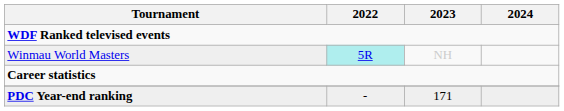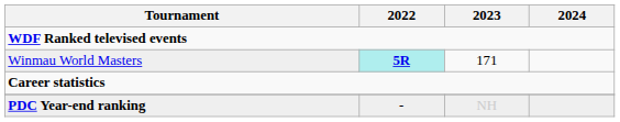 <table class="wikitable" style="width:35%; margin:0">
 <tr>
 <th>Tournament</th>
 <th>2022</th>
 <th>2023</th>
 <th>2024</th>
 </tr>
 <tr>
 <td colspan="31" align="left"><strong><a href='#'>WDF</a> Ranked televised events</strong></td>
 </tr>
 <tr>
 <td style="background:#efefef;" align=left><a href='#'>Winmau World Masters</a></td>
-<td style="text-align:center; background:#afeeee;"><a href='#'>5R</a></td>
-<td style="text-align:center; color:#ccc;">NH</td>
+<td style="text-align:center; background:#afeeee;"><strong><a href='#'>5R</a></strong></td>
+<td style="text-align:center;">171</td>
 <td></td>
 </tr>
 <tr>
 <td colspan="14" align="left"><strong>Career statistics</strong></td>
 </tr>
 <tr>
 </tr>
 <tr bgcolor="efefef">
 <td align="left"><strong><a href='#'>PDC</a> Year-end ranking</strong></td>
 <td style="text-align:center;">-</td>
-<td style="text-align:center;">171</td>
+<td style="text-align:center; color:#ccc;">NH</td>
 <td></td>
 </tr>
 </table>
